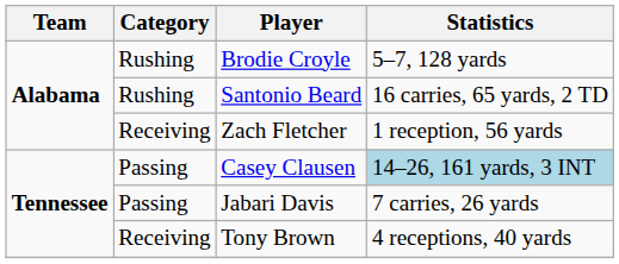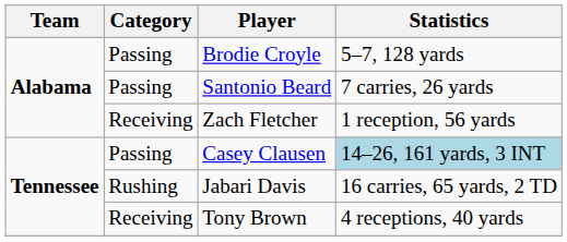 <table class="wikitable" style="float: right;">
 <tr>
 <th>Team</th>
 <th>Category</th>
 <th>Player</th>
 <th>Statistics</th>
 </tr>
 <tr>
 <td rowspan=3><strong>Alabama</strong></td>
-<td>Rushing</td>
+<td>Passing</td>
 <td><a href='#'>Brodie Croyle</a></td>
 <td>5–7, 128 yards</td>
 </tr>
 <tr>
-<td>Rushing</td>
+<td>Passing</td>
 <td><a href='#'>Santonio Beard</a></td>
-<td>16 carries, 65 yards, 2 TD</td>
+<td>7 carries, 26 yards</td>
 </tr>
 <tr>
 <td>Receiving</td>
 <td>Zach Fletcher</td>
 <td>1 reception, 56 yards</td>
 </tr>
 <tr>
 <td rowspan=3><strong>Tennessee</strong></td>
 <td>Passing</td>
 <td><a href='#'>Casey Clausen</a></td>
 <td style="background: lightblue;">14–26, 161 yards, 3 INT</td>
 </tr>
 <tr>
-<td>Passing</td>
+<td>Rushing</td>
 <td>Jabari Davis</td>
-<td>7 carries, 26 yards</td>
+<td>16 carries, 65 yards, 2 TD</td>
 </tr>
 <tr>
 <td>Receiving</td>
 <td>Tony Brown</td>
 <td>4 receptions, 40 yards</td>
 </tr>
 <tr>
 </tr>
 </table>
